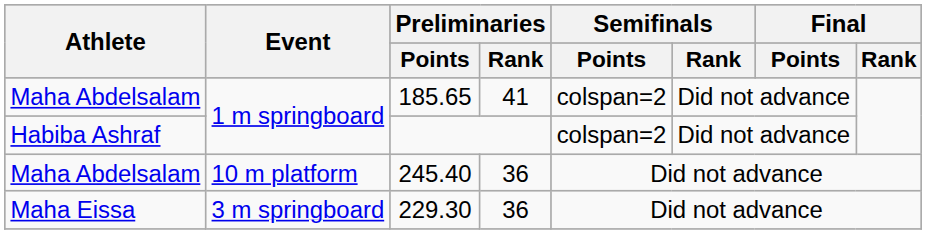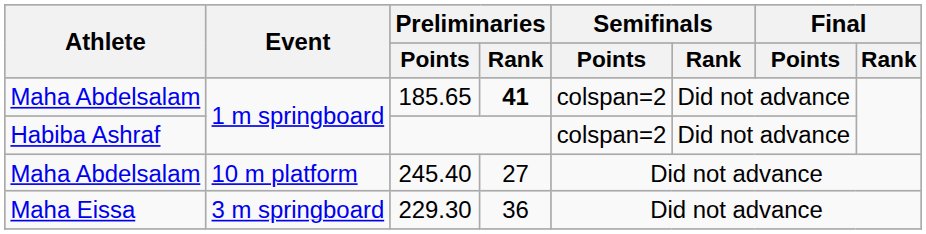 <table class=wikitable style="font-size:90%;">
 <tr>
 <th rowspan="2">Athlete</th>
 <th rowspan="2">Event</th>
 <th colspan="2">Preliminaries</th>
 <th colspan="2">Semifinals</th>
 <th colspan="2">Final</th>
 </tr>
 <tr style="font-size:95%">
 <th>Points</th>
 <th>Rank</th>
 <th>Points</th>
 <th>Rank</th>
 <th>Points</th>
 <th>Rank</th>
 </tr>
 <tr align=center>
 <td align=left><a href='#'>Maha Abdelsalam</a></td>
 <td align=left rowspan=2><a href='#'>1 m springboard</a></td>
 <td>185.65</td>
-<td>41</td>
+<td><strong>41</strong></td>
 <td>colspan=2 </td>
 <td colspan=2>Did not advance</td>
 </tr>
 <tr align=center>
 <td align=left><a href='#'>Habiba Ashraf</a></td>
 <td colspan=2></td>
 <td>colspan=2 </td>
 <td colspan=2>Did not advance</td>
 </tr>
 <tr align=center>
 <td align=left><a href='#'>Maha Abdelsalam</a></td>
 <td align=left><a href='#'>10 m platform</a></td>
 <td>245.40</td>
-<td>36</td>
+<td>27</td>
 <td colspan=4>Did not advance</td>
 </tr>
 <tr align=center>
 <td align=left><a href='#'>Maha Eissa</a></td>
 <td align=left><a href='#'>3 m springboard</a></td>
 <td>229.30</td>
 <td>36</td>
 <td colspan=4>Did not advance</td>
 </tr>
 </table>
